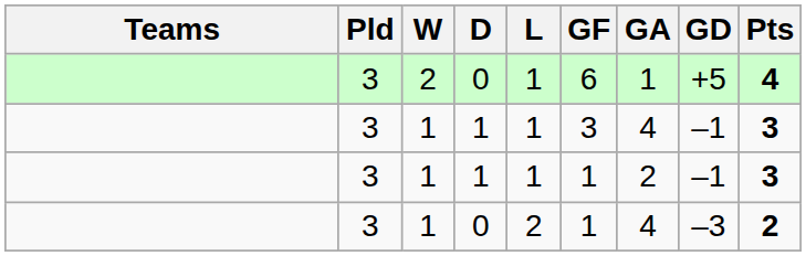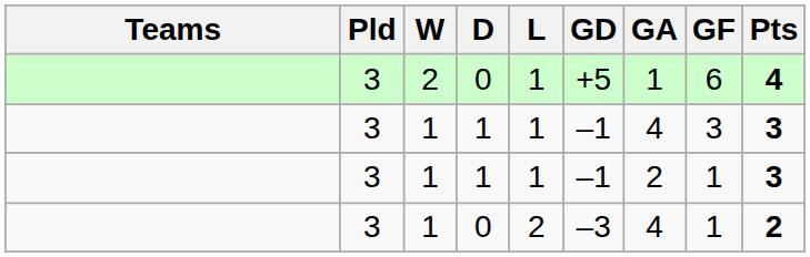 <table class="wikitable" style="text-align: center;">
 <tr>
 <th width=165>Teams</th>
 <th width=20>Pld</th>
 <th width=20>W</th>
 <th width=20>D</th>
 <th width=20>L</th>
+<th width=20>GD</th>
+<th width=20>GA</th>
 <th width=20>GF</th>
-<th width=20>GA</th>
-<th width=20>GD</th>
 <th width=20>Pts</th>
 </tr>
 <tr align=center style="background:#ccffcc;">
 <td style="text-align:left;"></td>
 <td>3</td>
 <td>2</td>
 <td>0</td>
 <td>1</td>
+<td>+5</td>
+<td>1</td>
 <td>6</td>
-<td>1</td>
-<td>+5</td>
 <td><strong>4</strong></td>
 </tr>
 <tr align=center>
 <td style="text-align:left;"></td>
 <td>3</td>
 <td>1</td>
 <td>1</td>
 <td>1</td>
+<td>–1</td>
+<td>4</td>
 <td>3</td>
-<td>4</td>
-<td>–1</td>
 <td><strong>3</strong></td>
 </tr>
 <tr align=center>
 <td style="text-align:left;"></td>
 <td>3</td>
 <td>1</td>
 <td>1</td>
 <td>1</td>
+<td>–1</td>
+<td>2</td>
 <td>1</td>
-<td>2</td>
-<td>–1</td>
 <td><strong>3</strong></td>
 </tr>
 <tr align=center>
 <td style="text-align:left;"></td>
 <td>3</td>
 <td>1</td>
 <td>0</td>
 <td>2</td>
+<td>–3</td>
+<td>4</td>
 <td>1</td>
-<td>4</td>
-<td>–3</td>
 <td><strong>2</strong></td>
 </tr>
 </table>
